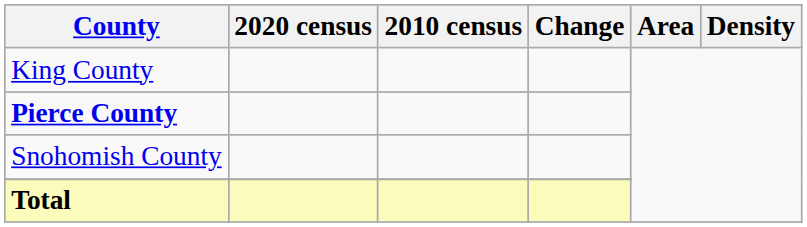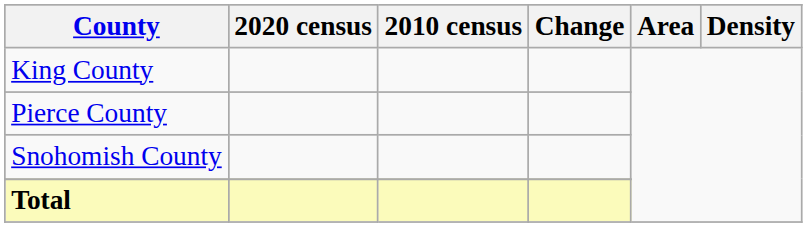 <table class="wikitable sortable">
 <tr>
 <th><a href='#'>County</a></th>
 <th>2020 census</th>
 <th>2010 census</th>
 <th>Change</th>
 <th>Area</th>
 <th>Density</th>
 </tr>
 <tr>
 <td><a href='#'>King County</a></td>
 <td></td>
 <td></td>
 <td></td>
 </tr>
 <tr>
-<td><strong><a href='#'>Pierce County</a></strong></td>
+<td><a href='#'>Pierce County</a></td>
 <td></td>
 <td></td>
 <td></td>
 </tr>
 <tr>
 <td><a href='#'>Snohomish County</a></td>
 <td></td>
 <td></td>
 <td></td>
 </tr>
 <tr>
 </tr>
 <tr class="sortbottom" style="background:#fbfbbb">
 <td><strong>Total</strong></td>
 <td></td>
 <td></td>
 <td></td>
 </tr>
 </table>
